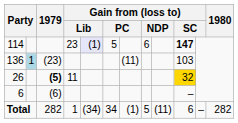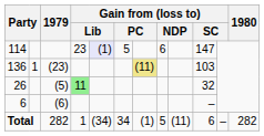 <table class="wikitable" style="text-align:right">
 <tr>
 <th rowspan="2" colspan="2">Party</th>
 <th rowspan="2" style="width:1em;">1979</th>
 <th colspan="8">Gain from (loss to)</th>
 <th rowspan="2" style="width:1em;">1980</th>
 </tr>
 <tr>
 <th colspan="2">Lib</th>
 <th colspan="2">PC</th>
 <th colspan="2">NDP</th>
 <th colspan="2">SC</th>
 </tr>
 <tr>
 <td>114</td>
 <td></td>
 <td></td>
 <td>23</td>
 <td style="background: lavender;">(1)</td>
 <td>5</td>
 <td></td>
 <td>6</td>
 <td></td>
-<td><strong>147</strong></td>
+<td>147</td>
 </tr>
 <tr>
 <td>136</td>
-<td style="background: lightblue;">1</td>
+<td>1</td>
 <td>(23)</td>
 <td></td>
 <td></td>
 <td></td>
-<td>(11)</td>
+<td style="background: khaki;">(11)</td>
 <td></td>
 <td></td>
 <td>103</td>
 </tr>
 <tr>
 <td>26</td>
 <td></td>
-<td><strong>(5)</strong></td>
-<td>11</td>
+<td>(5)</td>
+<td style="background: lightgreen;">11</td>
 <td></td>
 <td></td>
 <td></td>
 <td></td>
 <td></td>
-<td style="background: gold;">32</td>
+<td>32</td>
 </tr>
 <tr>
 <td>6</td>
 <td></td>
 <td>(6)</td>
 <td></td>
 <td></td>
 <td></td>
 <td></td>
 <td></td>
 <td></td>
 <td>–</td>
 </tr>
 <tr>
 <td colspan="2" style="text-align:left;"><strong>Total</strong></td>
 <td>282</td>
 <td>1</td>
 <td>(34)</td>
 <td>34</td>
 <td>(1)</td>
 <td>5</td>
 <td>(11)</td>
 <td>6</td>
 <td>–</td>
 <td>282</td>
 </tr>
 </table>
